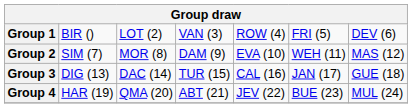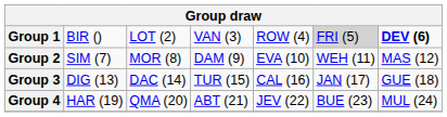 <table class="wikitable" style="text-align:center; font-size:85%">
 <tr>
 <th colspan="7">Group draw</th>
 </tr>
 <tr>
 <th>Group 1</th>
 <td align="left"> <a href='#'>BIR</a> ()</td>
 <td align="left"> <a href='#'>LOT</a> (2)</td>
 <td align="left"> <a href='#'>VAN</a> (3)</td>
 <td align="left"> <a href='#'>ROW</a> (4)</td>
-<td align="left"> <a href='#'>FRI</a> (5)</td>
-<td align="left"> <a href='#'>DEV</a> (6)</td>
+<td align="left" style="background: lightgrey;"> <a href='#'>FRI</a> (5)</td>
+<td align="left"><strong> <a href='#'>DEV</a> (6)</strong></td>
 </tr>
 <tr>
 <th>Group 2</th>
 <td align="left"> <a href='#'>SIM</a> (7)</td>
 <td align="left"> <a href='#'>MOR</a> (8)</td>
 <td align="left"> <a href='#'>DAM</a> (9)</td>
 <td align="left"> <a href='#'>EVA</a> (10)</td>
 <td align="left"> <a href='#'>WEH</a> (11)</td>
 <td align="left"> <a href='#'>MAS</a> (12)</td>
 </tr>
 <tr>
 <th>Group 3</th>
 <td align="left"> <a href='#'>DIG</a> (13)</td>
 <td align="left"> <a href='#'>DAC</a> (14)</td>
 <td align="left"> <a href='#'>TUR</a> (15)</td>
 <td align="left"> <a href='#'>CAL</a> (16)</td>
 <td align="left"> <a href='#'>JAN</a> (17)</td>
 <td align="left"> <a href='#'>GUE</a> (18)</td>
 </tr>
 <tr>
 <th>Group 4</th>
 <td align="left"> <a href='#'>HAR</a> (19)</td>
 <td align="left"> <a href='#'>QMA</a> (20)</td>
 <td align="left"> <a href='#'>ABT</a> (21)</td>
 <td align="left"> <a href='#'>JEV</a> (22)</td>
 <td align="left"> <a href='#'>BUE</a> (23)</td>
 <td align="left"> <a href='#'>MUL</a> (24)</td>
 </tr>
 <tr>
 </tr>
 </table>
